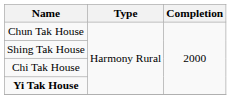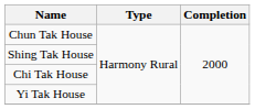 <table class="wikitable" style="text-align: center">
 <tr>
 <th>Name</th>
 <th>Type</th>
 <th>Completion</th>
 </tr>
 <tr>
 <td>Chun Tak House</td>
 <td rowspan="4">Harmony Rural</td>
 <td rowspan="4">2000</td>
 </tr>
 <tr>
 <td>Shing Tak House</td>
 </tr>
 <tr>
 <td>Chi Tak House</td>
 </tr>
 <tr>
-<td><strong>Yi Tak House</strong></td>
+<td>Yi Tak House</td>
 </tr>
 <tr>
 </tr>
 </table>
